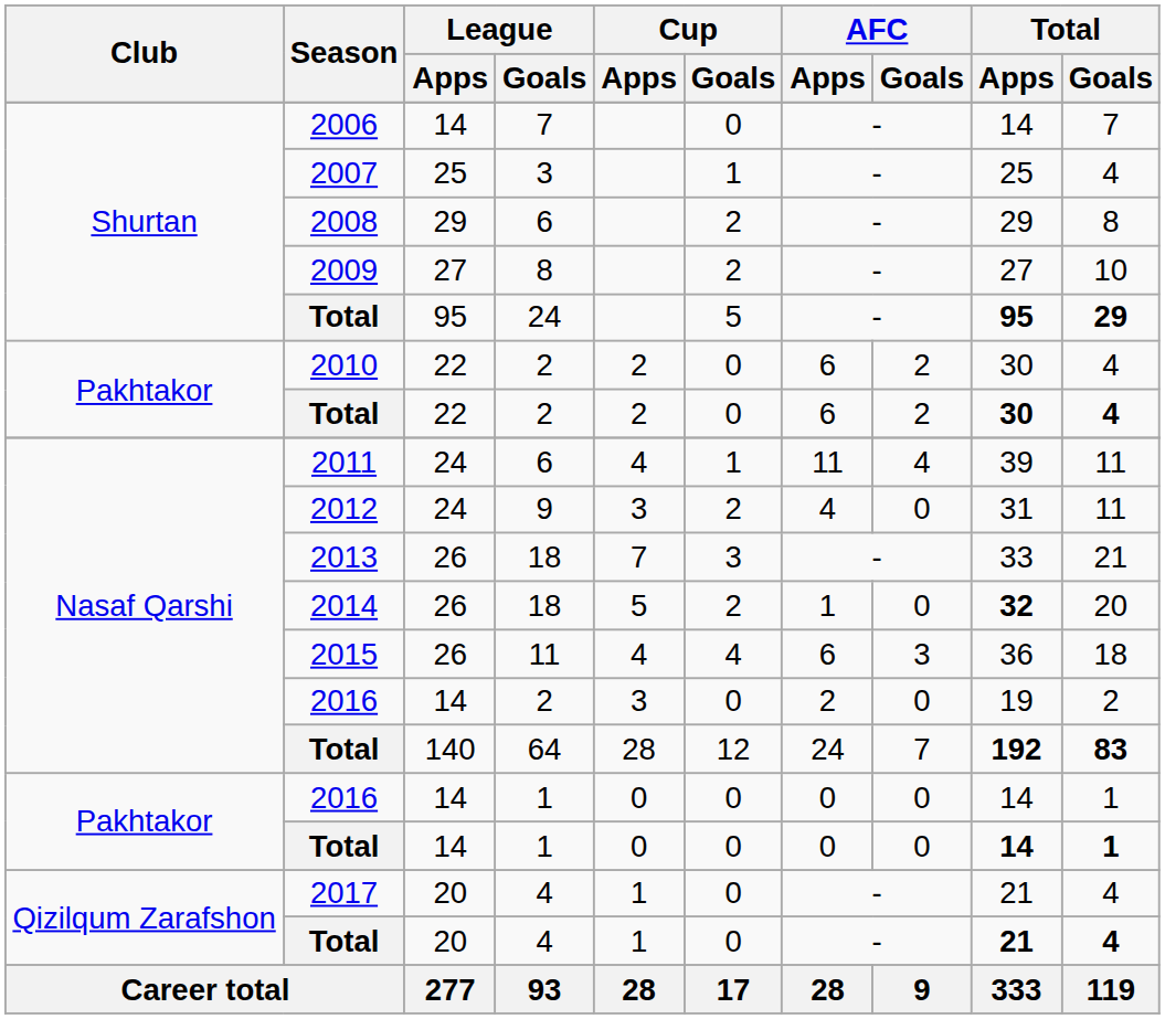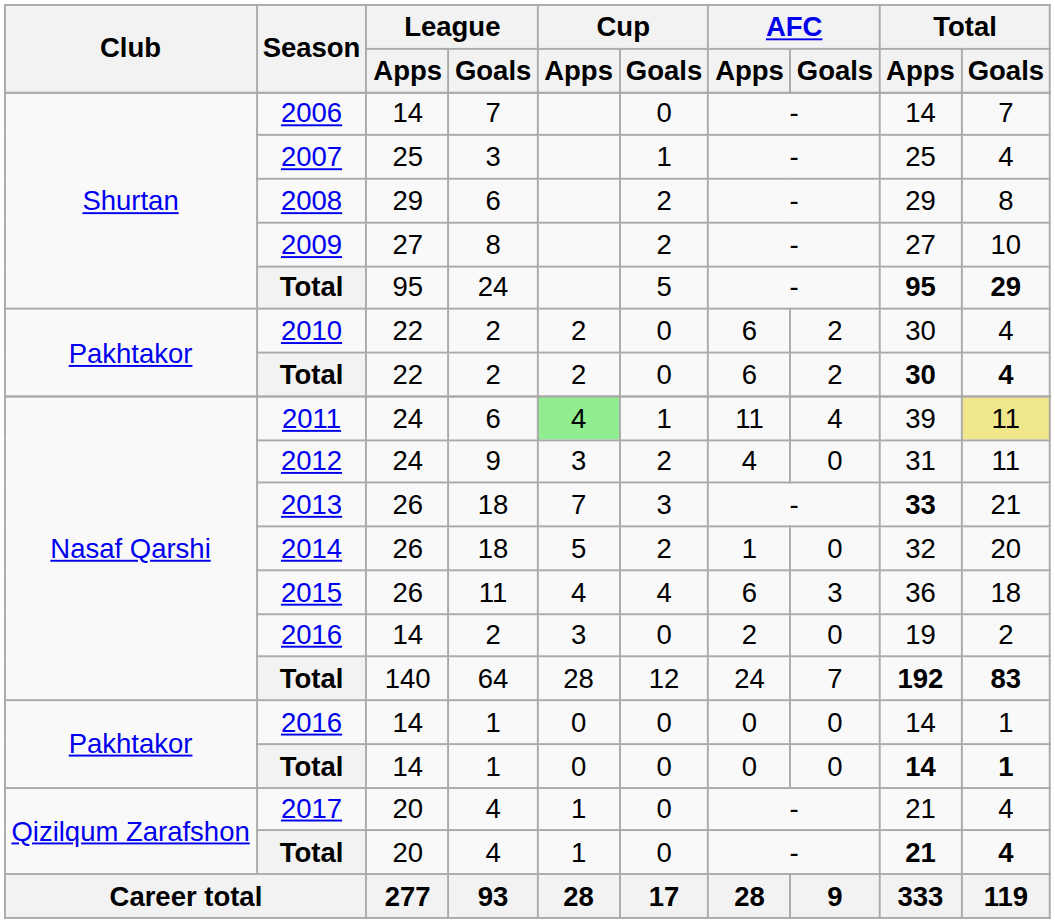 <table class="wikitable" style="font-size:90%; text-align:center;">
 <tr>
 <th rowspan="2">Club</th>
 <th rowspan="2">Season</th>
 <th colspan="2">League</th>
 <th colspan="2">Cup</th>
 <th colspan="2"><a href='#'>AFC</a></th>
 <th colspan="2">Total</th>
 </tr>
 <tr>
 <th>Apps</th>
 <th>Goals</th>
 <th>Apps</th>
 <th>Goals</th>
 <th>Apps</th>
 <th>Goals</th>
 <th>Apps</th>
 <th>Goals</th>
 </tr>
 <tr>
 </tr>
 <tr>
 <td rowspan="5"><a href='#'>Shurtan</a></td>
 <td><a href='#'>2006</a></td>
 <td>14</td>
 <td>7</td>
 <td></td>
 <td>0</td>
 <td colspan="2">-</td>
 <td>14</td>
 <td>7</td>
 </tr>
 <tr>
 <td><a href='#'>2007</a></td>
 <td>25</td>
 <td>3</td>
 <td></td>
 <td>1</td>
 <td colspan="2">-</td>
 <td>25</td>
 <td>4</td>
 </tr>
 <tr>
 <td><a href='#'>2008</a></td>
 <td>29</td>
 <td>6</td>
 <td></td>
 <td>2</td>
 <td colspan="2">-</td>
 <td>29</td>
 <td>8</td>
 </tr>
 <tr>
 <td><a href='#'>2009</a></td>
 <td>27</td>
 <td>8</td>
 <td></td>
 <td>2</td>
 <td colspan="2">-</td>
 <td>27</td>
 <td>10</td>
 </tr>
 <tr>
 <th>Total</th>
 <td>95</td>
 <td>24</td>
 <td></td>
 <td>5</td>
 <td colspan="2">-</td>
 <td><strong>95</strong></td>
 <td><strong>29</strong></td>
 </tr>
 <tr>
 <td rowspan="2"><a href='#'>Pakhtakor</a></td>
 <td><a href='#'>2010</a></td>
 <td>22</td>
 <td>2</td>
 <td>2</td>
 <td>0</td>
 <td>6</td>
 <td>2</td>
 <td>30</td>
 <td>4</td>
 </tr>
 <tr>
 <th>Total</th>
 <td>22</td>
 <td>2</td>
 <td>2</td>
 <td>0</td>
 <td>6</td>
 <td>2</td>
 <td><strong>30</strong></td>
 <td><strong>4</strong></td>
 </tr>
 <tr>
 </tr>
 <tr>
 <td rowspan="7"><a href='#'>Nasaf Qarshi</a></td>
 <td><a href='#'>2011</a></td>
 <td>24</td>
 <td>6</td>
-<td>4</td>
+<td style="background: lightgreen;">4</td>
 <td>1</td>
 <td>11</td>
 <td>4</td>
 <td>39</td>
-<td>11</td>
+<td style="background: khaki;">11</td>
 </tr>
 <tr>
 <td><a href='#'>2012</a></td>
 <td>24</td>
 <td>9</td>
 <td>3</td>
 <td>2</td>
 <td>4</td>
 <td>0</td>
 <td>31</td>
 <td>11</td>
 </tr>
 <tr>
 <td><a href='#'>2013</a></td>
 <td>26</td>
 <td>18</td>
 <td>7</td>
 <td>3</td>
 <td colspan="2">-</td>
-<td>33</td>
+<td><strong>33</strong></td>
 <td>21</td>
 </tr>
 <tr>
 <td><a href='#'>2014</a></td>
 <td>26</td>
 <td>18</td>
 <td>5</td>
 <td>2</td>
 <td>1</td>
 <td>0</td>
-<td><strong>32</strong></td>
+<td>32</td>
 <td>20</td>
 </tr>
 <tr>
 <td><a href='#'>2015</a></td>
 <td>26</td>
 <td>11</td>
 <td>4</td>
 <td>4</td>
 <td>6</td>
 <td>3</td>
 <td>36</td>
 <td>18</td>
 </tr>
 <tr>
 <td><a href='#'>2016</a></td>
 <td>14</td>
 <td>2</td>
 <td>3</td>
 <td>0</td>
 <td>2</td>
 <td>0</td>
 <td>19</td>
 <td>2</td>
 </tr>
 <tr>
 <th>Total</th>
 <td>140</td>
 <td>64</td>
 <td>28</td>
 <td>12</td>
 <td>24</td>
 <td>7</td>
 <td><strong>192</strong></td>
 <td><strong>83</strong></td>
 </tr>
 <tr>
 <td rowspan="2"><a href='#'>Pakhtakor</a></td>
 <td><a href='#'>2016</a></td>
 <td>14</td>
 <td>1</td>
 <td>0</td>
 <td>0</td>
 <td>0</td>
 <td>0</td>
 <td>14</td>
 <td>1</td>
 </tr>
 <tr>
 <th>Total</th>
 <td>14</td>
 <td>1</td>
 <td>0</td>
 <td>0</td>
 <td>0</td>
 <td>0</td>
 <td><strong>14</strong></td>
 <td><strong>1</strong></td>
 </tr>
 <tr>
 <td rowspan="2"><a href='#'>Qizilqum Zarafshon</a></td>
 <td><a href='#'>2017</a></td>
 <td>20</td>
 <td>4</td>
 <td>1</td>
 <td>0</td>
 <td colspan="2">-</td>
 <td>21</td>
 <td>4</td>
 </tr>
 <tr>
 <th>Total</th>
 <td>20</td>
 <td>4</td>
 <td>1</td>
 <td>0</td>
 <td colspan="2">-</td>
 <td><strong>21</strong></td>
 <td><strong>4</strong></td>
 </tr>
 <tr>
 <th colspan="2">Career total</th>
 <th>277</th>
 <th>93</th>
 <th>28</th>
 <th>17</th>
 <th>28</th>
 <th>9</th>
 <th>333</th>
 <th>119</th>
 </tr>
 </table>
